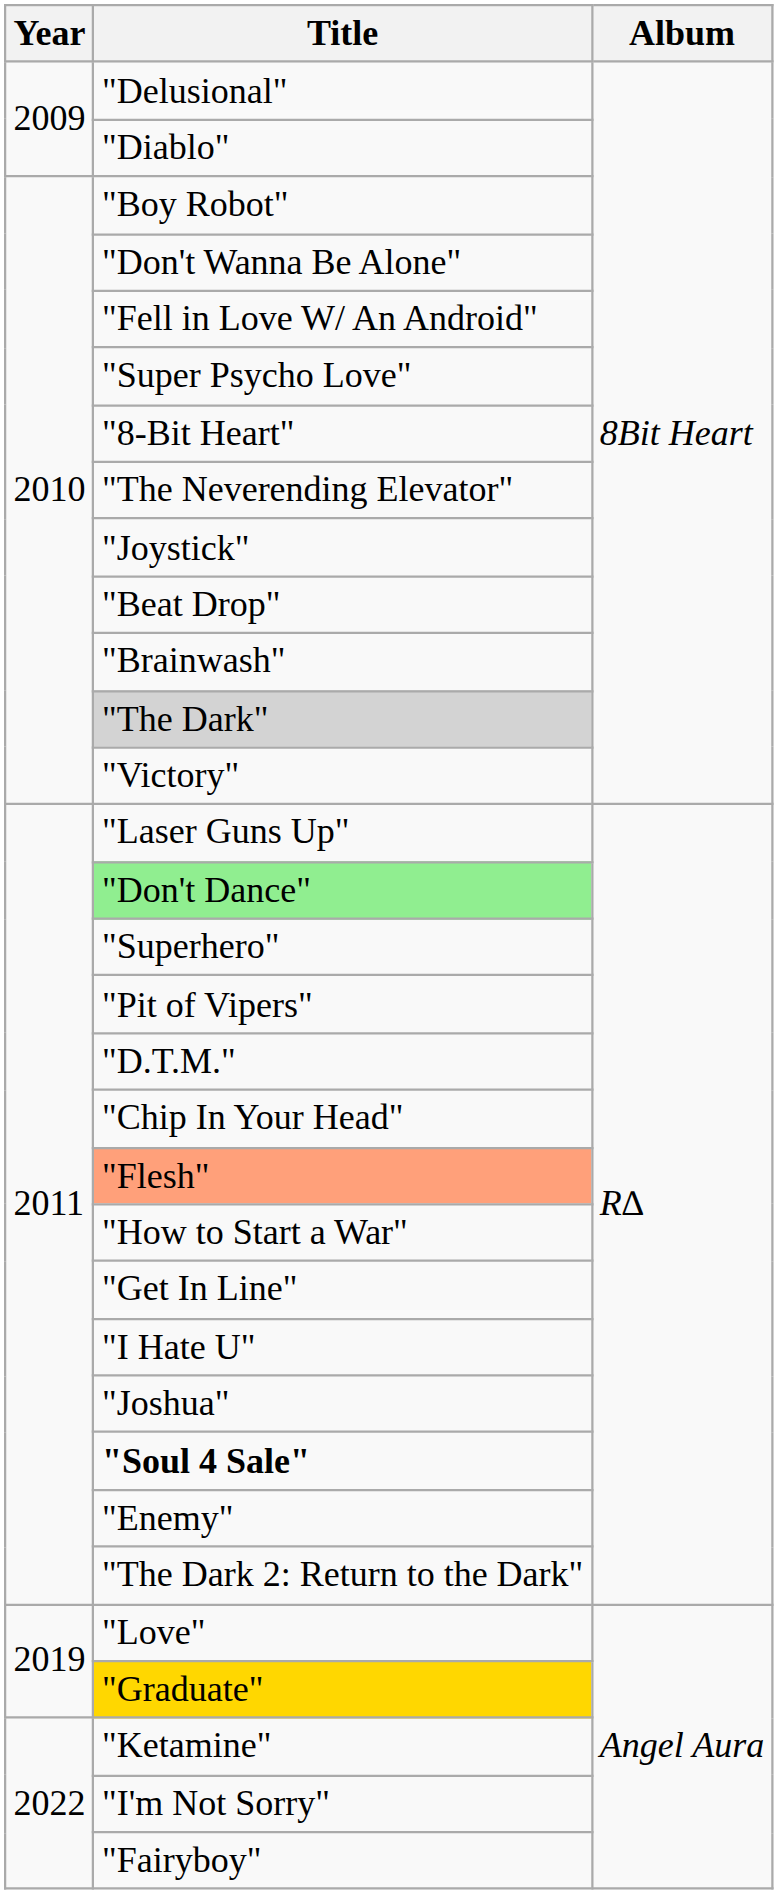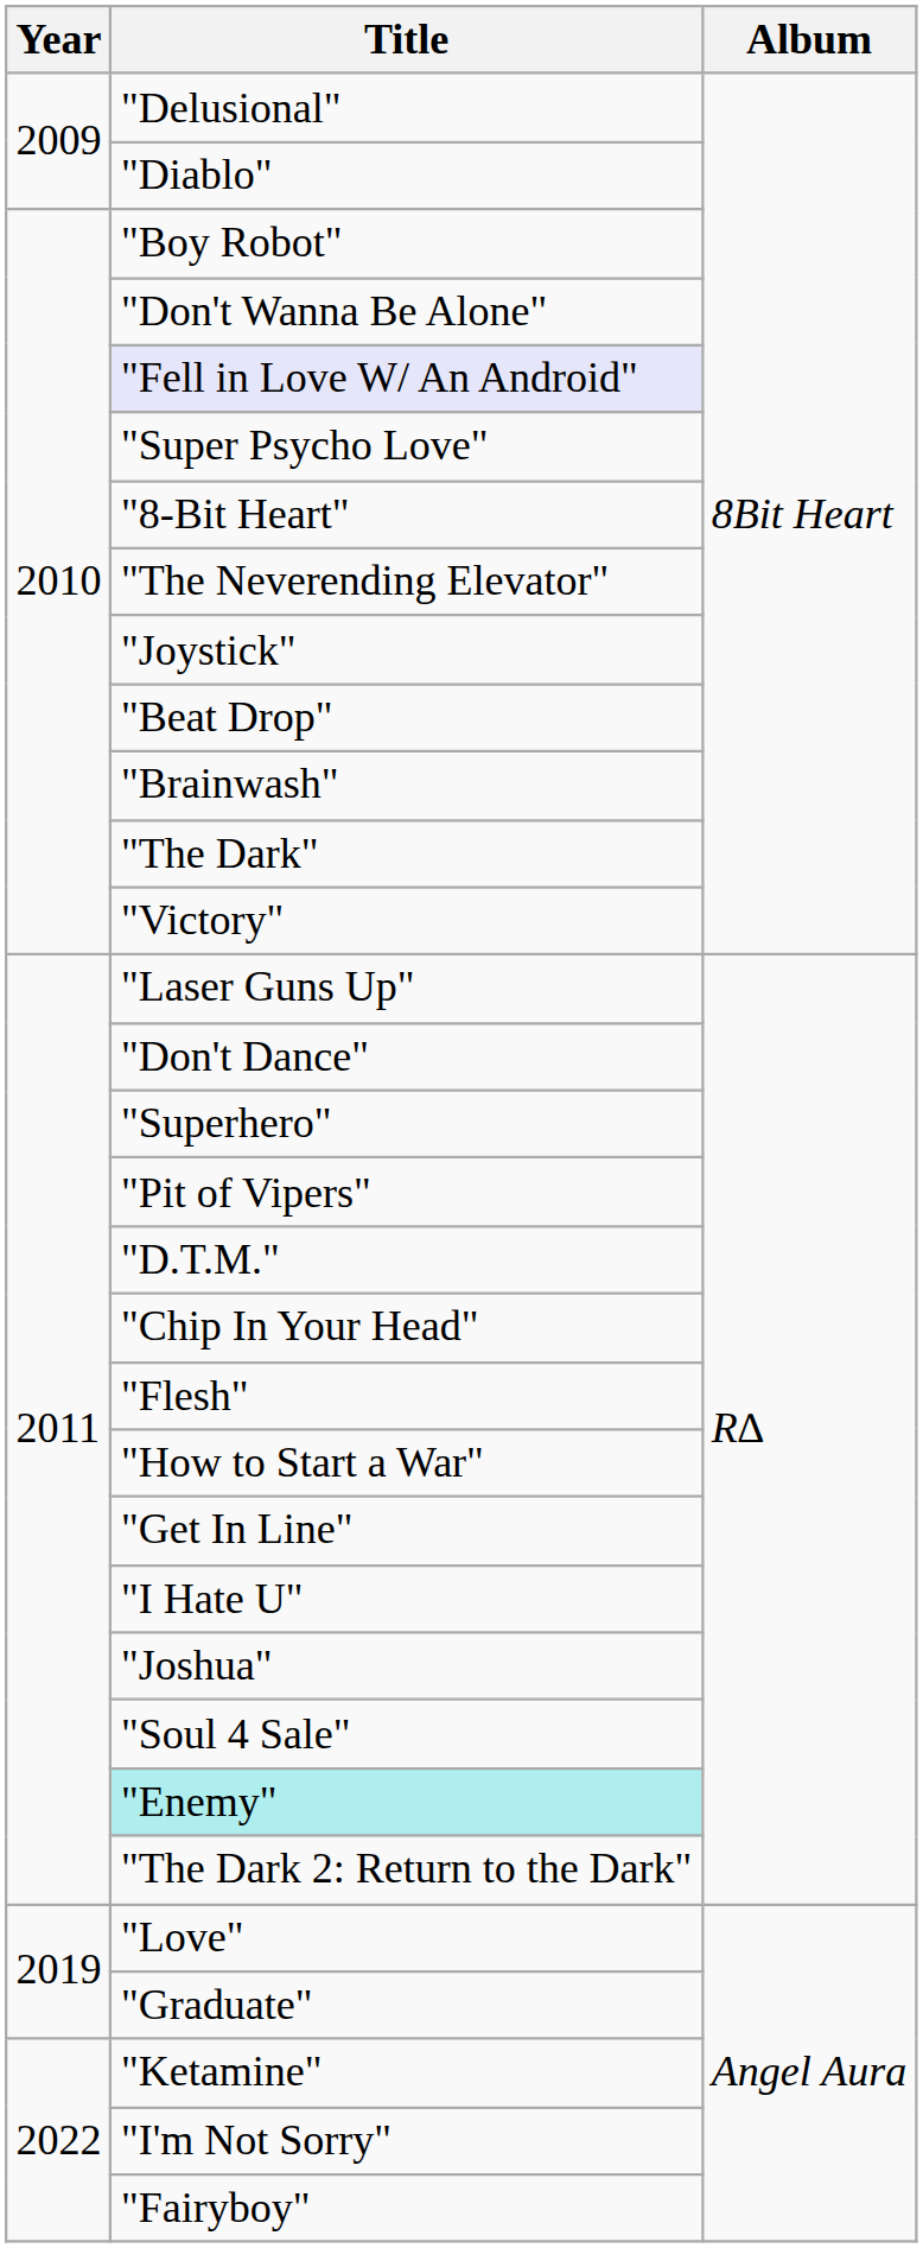 <table class="wikitable">
 <tr>
 <th>Year</th>
 <th>Title</th>
 <th>Album</th>
 </tr>
 <tr>
 <td rowspan="2" align="left">2009</td>
 <td>"Delusional"</td>
 <td rowspan="13" align="left"><em>8Bit Heart</em></td>
 </tr>
 <tr>
 <td>"Diablo"</td>
 </tr>
 <tr>
 <td rowspan="11" align="left">2010</td>
 <td>"Boy Robot"</td>
 </tr>
 <tr>
 <td>"Don't Wanna Be Alone"</td>
 </tr>
 <tr>
-<td>"Fell in Love W/ An Android"</td>
+<td style="background: lavender;">"Fell in Love W/ An Android"</td>
 </tr>
 <tr>
 <td>"Super Psycho Love"</td>
 </tr>
 <tr>
 <td>"8-Bit Heart"</td>
 </tr>
 <tr>
 <td>"The Neverending Elevator"</td>
 </tr>
 <tr>
 <td>"Joystick"</td>
 </tr>
 <tr>
 <td>"Beat Drop"</td>
 </tr>
 <tr>
 <td>"Brainwash"</td>
 </tr>
 <tr>
-<td style="background: lightgrey;">"The Dark"</td>
+<td>"The Dark"</td>
 </tr>
 <tr>
 <td>"Victory"</td>
 </tr>
 <tr>
 <td rowspan="14">2011</td>
 <td>"Laser Guns Up"</td>
 <td rowspan="14" align="left"><em>R∆</em></td>
 </tr>
 <tr>
-<td style="background: lightgreen;">"Don't Dance"</td>
+<td>"Don't Dance"</td>
 </tr>
 <tr>
 <td>"Superhero"</td>
 </tr>
 <tr>
 <td>"Pit of Vipers"</td>
 </tr>
 <tr>
 <td>"D.T.M."</td>
 </tr>
 <tr>
 <td>"Chip In Your Head"</td>
 </tr>
 <tr>
-<td style="background: lightsalmon;">"Flesh"</td>
+<td>"Flesh"</td>
 </tr>
 <tr>
 <td>"How to Start a War"</td>
 </tr>
 <tr>
 <td>"Get In Line"</td>
 </tr>
 <tr>
 <td>"I Hate U"</td>
 </tr>
 <tr>
 <td>"Joshua"</td>
 </tr>
 <tr>
-<td><strong>"Soul 4 Sale"</strong></td>
+<td>"Soul 4 Sale"</td>
 </tr>
 <tr>
-<td>"Enemy"</td>
+<td style="background: paleturquoise;">"Enemy"</td>
 </tr>
 <tr>
 <td>"The Dark 2: Return to the Dark"</td>
 </tr>
 <tr>
 <td rowspan="2">2019</td>
 <td>"Love"</td>
 <td rowspan="5" align="left"><em>Angel Aura</em></td>
 </tr>
 <tr>
-<td style="background: gold;">"Graduate"</td>
+<td>"Graduate"</td>
 </tr>
 <tr>
 <td rowspan="3">2022</td>
 <td>"Ketamine"</td>
 </tr>
 <tr>
 <td>"I'm Not Sorry"</td>
 </tr>
 <tr>
 <td>"Fairyboy"</td>
 </tr>
 </table>
